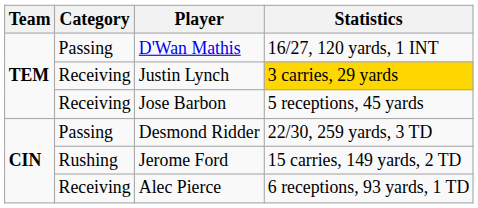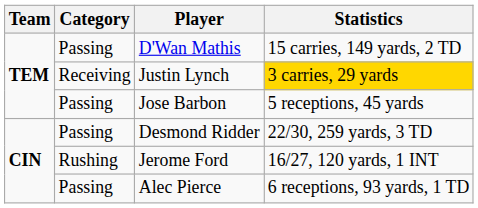 <table class="wikitable" style="float: left;">
 <tr>
 <th>Team</th>
 <th>Category</th>
 <th>Player</th>
 <th>Statistics</th>
 </tr>
 <tr>
 <td rowspan=3><strong>TEM</strong></td>
 <td>Passing</td>
 <td><a href='#'>D'Wan Mathis</a></td>
-<td>16/27, 120 yards, 1 INT</td>
+<td>15 carries, 149 yards, 2 TD</td>
 </tr>
 <tr>
 <td>Receiving</td>
 <td>Justin Lynch</td>
 <td style="background: gold;">3 carries, 29 yards</td>
 </tr>
 <tr>
-<td>Receiving</td>
+<td>Passing</td>
 <td>Jose Barbon</td>
 <td>5 receptions, 45 yards</td>
 </tr>
 <tr>
 <td rowspan=3><strong>CIN</strong></td>
 <td>Passing</td>
 <td>Desmond Ridder</td>
 <td>22/30, 259 yards, 3 TD</td>
 </tr>
 <tr>
 <td>Rushing</td>
 <td>Jerome Ford</td>
-<td>15 carries, 149 yards, 2 TD</td>
+<td>16/27, 120 yards, 1 INT</td>
 </tr>
 <tr>
-<td>Receiving</td>
+<td>Passing</td>
 <td>Alec Pierce</td>
 <td>6 receptions, 93 yards, 1 TD</td>
 </tr>
 </table>
